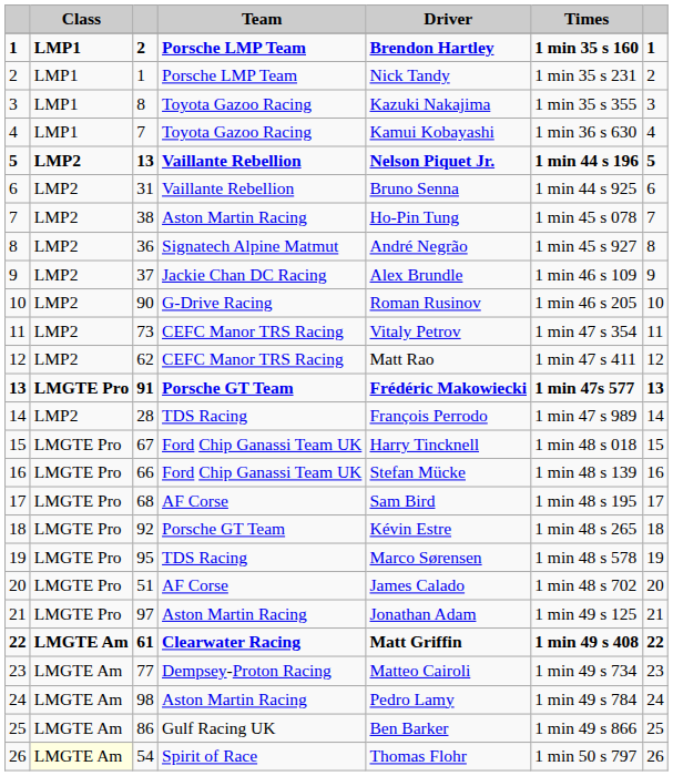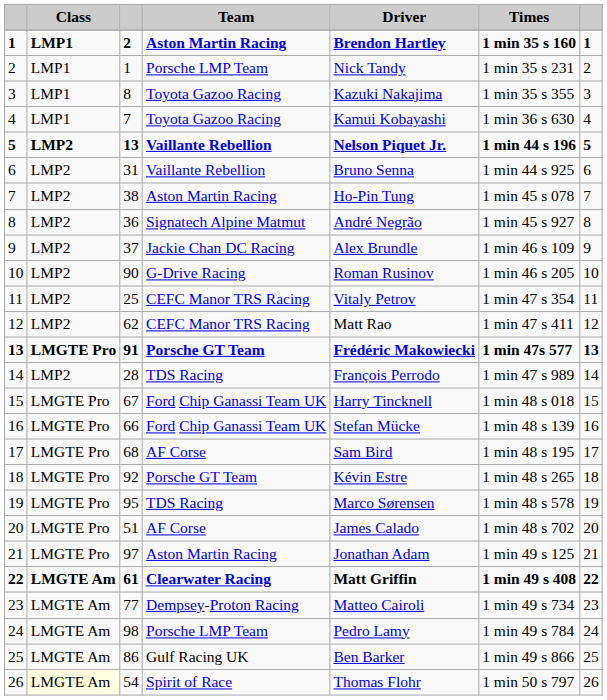 <table class="wikitable alternance" style="font-size:95%;">
 <tr>
 <th scope=col style="background-color:#CCCCCC;"></th>
 <th scope=col style="background-color:#CCCCCC;">Class</th>
 <th scope=col style="background-color:#CCCCCC;"></th>
 <th scope=col style="background-color:#CCCCCC;">Team</th>
 <th scope=col style="background-color:#CCCCCC;">Driver</th>
 <th scope=col style="background-color:#CCCCCC;">Times</th>
 <th scope=col style="background-color:#CCCCCC;"></th>
 </tr>
 <tr>
 </tr>
 <tr style="font-weight:bold">
 <td>1</td>
 <td>LMP1</td>
 <td>2</td>
-<td> <a href='#'>Porsche LMP Team</a></td>
+<td> <a href='#'>Aston Martin Racing</a></td>
 <td> <a href='#'>Brendon Hartley</a></td>
 <td>1 min 35 s 160</td>
 <td>1</td>
 </tr>
 <tr>
 <td>2</td>
 <td>LMP1</td>
 <td>1</td>
 <td> <a href='#'>Porsche LMP Team</a></td>
 <td> <a href='#'>Nick Tandy</a></td>
 <td>1 min 35 s 231</td>
 <td>2</td>
 </tr>
 <tr>
 <td>3</td>
 <td>LMP1</td>
 <td>8</td>
 <td> <a href='#'>Toyota Gazoo Racing</a></td>
 <td> <a href='#'>Kazuki Nakajima</a></td>
 <td>1 min 35 s 355</td>
 <td>3</td>
 </tr>
 <tr>
 <td>4</td>
 <td>LMP1</td>
 <td>7</td>
 <td> <a href='#'>Toyota Gazoo Racing</a></td>
 <td> <a href='#'>Kamui Kobayashi</a></td>
 <td>1 min 36 s 630</td>
 <td>4</td>
 </tr>
 <tr style="font-weight:bold">
 <td>5</td>
 <td>LMP2</td>
 <td>13</td>
 <td> <a href='#'>Vaillante Rebellion</a></td>
 <td> <a href='#'>Nelson Piquet Jr.</a></td>
 <td>1 min 44 s 196</td>
 <td>5</td>
 </tr>
 <tr>
 <td>6</td>
 <td>LMP2</td>
 <td>31</td>
 <td> <a href='#'>Vaillante Rebellion</a></td>
 <td> <a href='#'>Bruno Senna</a></td>
 <td>1 min 44 s 925</td>
 <td>6</td>
 </tr>
 <tr>
 <td>7</td>
 <td>LMP2</td>
 <td>38</td>
 <td> <a href='#'>Aston Martin Racing</a></td>
 <td> <a href='#'>Ho-Pin Tung</a></td>
 <td>1 min 45 s 078</td>
 <td>7</td>
 </tr>
 <tr>
 <td>8</td>
 <td>LMP2</td>
 <td>36</td>
 <td> <a href='#'>Signatech Alpine Matmut</a></td>
 <td> <a href='#'>André Negrão</a></td>
 <td>1 min 45 s 927</td>
 <td>8</td>
 </tr>
 <tr>
 <td>9</td>
 <td>LMP2</td>
 <td>37</td>
 <td> <a href='#'>Jackie Chan DC Racing</a></td>
 <td> <a href='#'>Alex Brundle</a></td>
 <td>1 min 46 s 109</td>
 <td>9</td>
 </tr>
 <tr>
 <td>10</td>
 <td>LMP2</td>
 <td>90</td>
 <td> <a href='#'>G-Drive Racing</a></td>
 <td> <a href='#'>Roman Rusinov</a></td>
 <td>1 min 46 s 205</td>
 <td>10</td>
 </tr>
 <tr>
 <td>11</td>
 <td>LMP2</td>
-<td>73</td>
+<td>25</td>
 <td> <a href='#'>CEFC Manor TRS Racing</a></td>
 <td> <a href='#'>Vitaly Petrov</a></td>
 <td>1 min 47 s 354</td>
 <td>11</td>
 </tr>
 <tr>
 <td>12</td>
 <td>LMP2</td>
 <td>62</td>
 <td> <a href='#'>CEFC Manor TRS Racing</a></td>
 <td> Matt Rao</td>
 <td>1 min 47 s 411</td>
 <td>12</td>
 </tr>
 <tr style="font-weight:bold">
 <td>13</td>
 <td>LMGTE Pro</td>
 <td>91</td>
 <td> <a href='#'>Porsche GT Team</a></td>
 <td> <a href='#'>Frédéric Makowiecki</a></td>
 <td>1 min 47s 577</td>
 <td>13</td>
 </tr>
 <tr>
 <td>14</td>
 <td>LMP2</td>
 <td>28</td>
 <td> <a href='#'>TDS Racing</a></td>
 <td> <a href='#'>François Perrodo</a></td>
 <td>1 min 47 s 989</td>
 <td>14</td>
 </tr>
 <tr>
 <td>15</td>
 <td>LMGTE Pro</td>
 <td>67</td>
 <td> <a href='#'>Ford</a> <a href='#'>Chip Ganassi Team UK</a></td>
 <td> <a href='#'>Harry Tincknell</a></td>
 <td>1 min 48 s 018</td>
 <td>15</td>
 </tr>
 <tr>
 <td>16</td>
 <td>LMGTE Pro</td>
 <td>66</td>
 <td> <a href='#'>Ford</a> <a href='#'>Chip Ganassi Team UK</a></td>
 <td> <a href='#'>Stefan Mücke</a></td>
 <td>1 min 48 s 139</td>
 <td>16</td>
 </tr>
 <tr>
 <td>17</td>
 <td>LMGTE Pro</td>
 <td>68</td>
 <td> <a href='#'>AF Corse</a></td>
 <td> <a href='#'>Sam Bird</a></td>
 <td>1 min 48 s 195</td>
 <td>17</td>
 </tr>
 <tr>
 <td>18</td>
 <td>LMGTE Pro</td>
 <td>92</td>
 <td> <a href='#'>Porsche GT Team</a></td>
 <td> <a href='#'>Kévin Estre</a></td>
 <td>1 min 48 s 265</td>
 <td>18</td>
 </tr>
 <tr>
 <td>19</td>
 <td>LMGTE Pro</td>
 <td>95</td>
 <td> <a href='#'>TDS Racing</a></td>
 <td> <a href='#'>Marco Sørensen</a></td>
 <td>1 min 48 s 578</td>
 <td>19</td>
 </tr>
 <tr>
 <td>20</td>
 <td>LMGTE Pro</td>
 <td>51</td>
 <td> <a href='#'>AF Corse</a></td>
 <td> <a href='#'>James Calado</a></td>
 <td>1 min 48 s 702</td>
 <td>20</td>
 </tr>
 <tr>
 <td>21</td>
 <td>LMGTE Pro</td>
 <td>97</td>
 <td> <a href='#'>Aston Martin Racing</a></td>
 <td> <a href='#'>Jonathan Adam</a></td>
 <td>1 min 49 s 125</td>
 <td>21</td>
 </tr>
 <tr style="font-weight:bold">
 <td>22</td>
 <td>LMGTE Am</td>
 <td>61</td>
 <td> <a href='#'>Clearwater Racing</a></td>
 <td> Matt Griffin</td>
 <td>1 min 49 s 408</td>
 <td>22</td>
 </tr>
 <tr>
 <td>23</td>
 <td>LMGTE Am</td>
 <td>77</td>
 <td> <a href='#'>Dempsey</a>-<a href='#'>Proton Racing</a></td>
 <td> <a href='#'>Matteo Cairoli</a></td>
 <td>1 min 49 s 734</td>
 <td>23</td>
 </tr>
 <tr>
 <td>24</td>
 <td>LMGTE Am</td>
 <td>98</td>
-<td> <a href='#'>Aston Martin Racing</a></td>
+<td> <a href='#'>Porsche LMP Team</a></td>
 <td> <a href='#'>Pedro Lamy</a></td>
 <td>1 min 49 s 784</td>
 <td>24</td>
 </tr>
 <tr>
 <td>25</td>
 <td>LMGTE Am</td>
 <td>86</td>
 <td> Gulf Racing UK</td>
 <td> <a href='#'>Ben Barker</a></td>
 <td>1 min 49 s 866</td>
 <td>25</td>
 </tr>
 <tr>
 <td>26</td>
 <td style="background: lightyellow;">LMGTE Am</td>
 <td>54</td>
 <td> <a href='#'>Spirit of Race</a></td>
 <td> <a href='#'>Thomas Flohr</a></td>
 <td>1 min 50 s 797</td>
 <td>26</td>
 </tr>
 </table>
